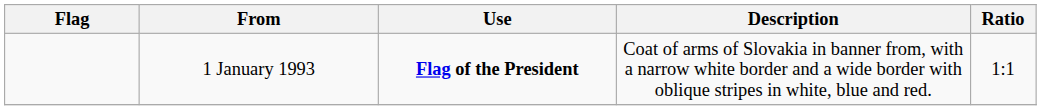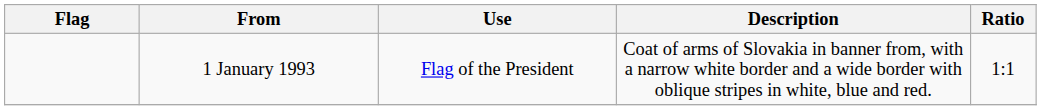 <table class="wikitable" style="text-align:center;">
 <tr>
 <th width="110">Flag</th>
 <th width="200">From</th>
 <th width="200">Use</th>
 <th width="300">Description</th>
 <th width="50">Ratio</th>
 </tr>
 <tr>
 <td rowspan="1"></td>
 <td>1 January 1993</td>
-<td><strong><a href='#'>Flag</a> of the President</strong></td>
+<td><a href='#'>Flag</a> of the President</td>
 <td>Coat of arms of Slovakia in banner from, with a narrow white border and a wide border with oblique stripes in white, blue and red.</td>
 <td rowspan="1">1:1</td>
 </tr>
 <tr>
 </tr>
 </table>
